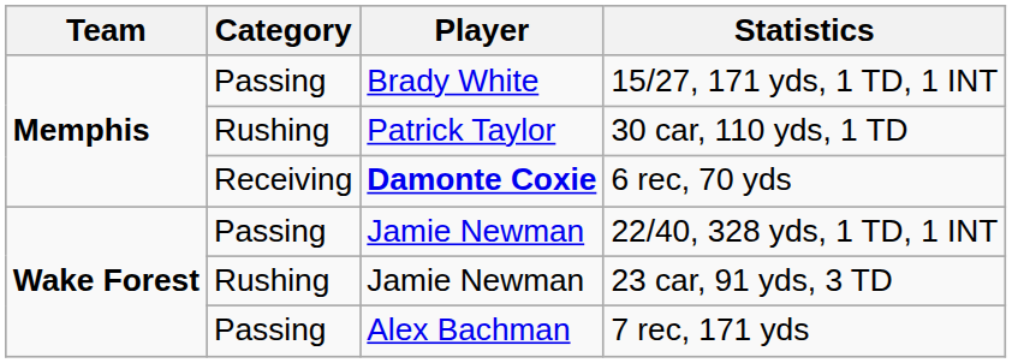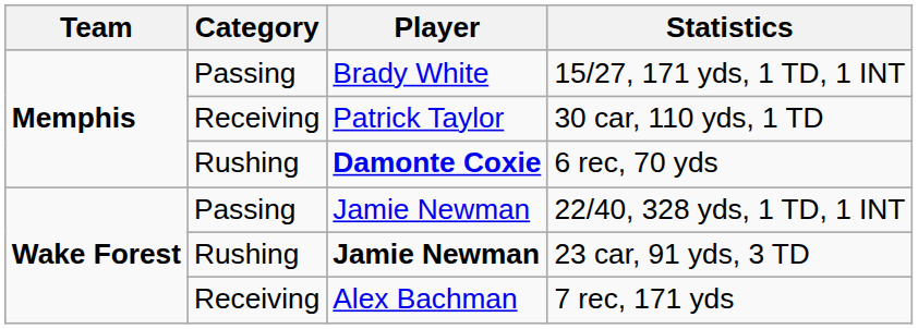 <table class="wikitable">
 <tr>
 <th>Team</th>
 <th>Category</th>
 <th>Player</th>
 <th>Statistics</th>
 </tr>
 <tr>
 <td rowspan=3><strong>Memphis</strong></td>
 <td>Passing</td>
 <td><a href='#'>Brady White</a></td>
 <td>15/27, 171 yds, 1 TD, 1 INT</td>
 </tr>
 <tr>
-<td>Rushing</td>
+<td>Receiving</td>
 <td><a href='#'>Patrick Taylor</a></td>
 <td>30 car, 110 yds, 1 TD</td>
 </tr>
 <tr>
-<td>Receiving</td>
+<td>Rushing</td>
 <td><strong><a href='#'>Damonte Coxie</a></strong></td>
 <td>6 rec, 70 yds</td>
 </tr>
 <tr>
 <td rowspan=3><strong>Wake Forest</strong></td>
 <td>Passing</td>
 <td><a href='#'>Jamie Newman</a></td>
 <td>22/40, 328 yds, 1 TD, 1 INT</td>
 </tr>
 <tr>
 <td>Rushing</td>
-<td>Jamie Newman</td>
+<td><strong>Jamie Newman</strong></td>
 <td>23 car, 91 yds, 3 TD</td>
 </tr>
 <tr>
-<td>Passing</td>
+<td>Receiving</td>
 <td><a href='#'>Alex Bachman</a></td>
 <td>7 rec, 171 yds</td>
 </tr>
 </table>
